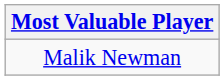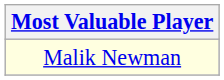 <table class=wikitable style="text-align:center; margin:auto">
 <tr>
 <th><a href='#'>Most Valuable Player</a></th>
 </tr>
 <tr>
-<td> <a href='#'>Malik Newman</a></td>
+<td style="background: lightyellow;"> <a href='#'>Malik Newman</a></td>
 </tr>
 </table>
